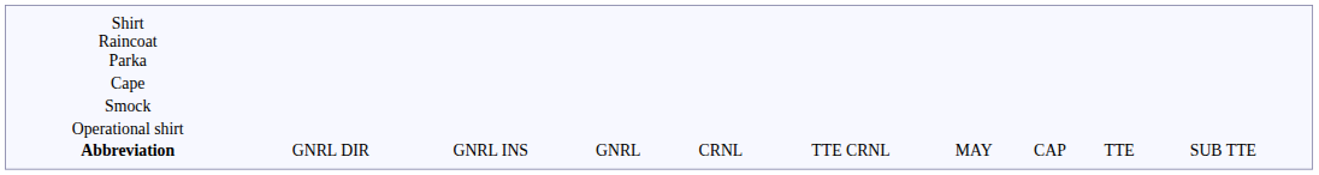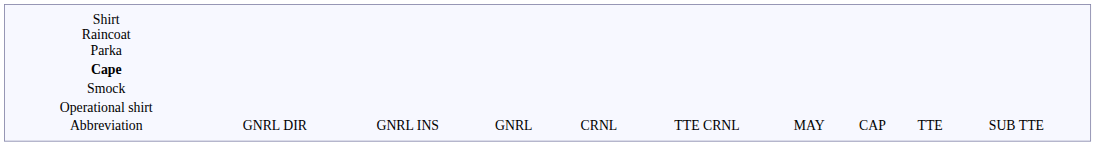 <table style="border:1px solid #8888aa; background-color:#f7f8ff; padding:5px; font-size:100%; margin: 0px 12px 12px 0px;width:100%">
 <tr align=center>
 <td>Shirt<br>Raincoat<br>Parka</td>
 <td colspan=2 rowspan=5></td>
 <td colspan=2></td>
 <td colspan=2></td>
 <td colspan=2></td>
 <td colspan=2 rowspan=5></td>
 <td colspan=2></td>
 <td colspan=2></td>
 <td colspan=2></td>
 <td colspan=2></td>
 <td colspan=2></td>
 <td colspan=2></td>
 <td colspan=2 rowspan=5></td>
 <td colspan=12></td>
 </tr>
 <tr align=center>
-<td>Cape</td>
+<td><strong>Cape</strong></td>
 <td colspan=2></td>
 <td colspan=2></td>
 <td colspan=2></td>
 <td colspan=2></td>
 <td colspan=2></td>
 <td colspan=2></td>
 <td colspan=2></td>
 <td colspan=2></td>
 <td colspan=2></td>
 <td colspan=12></td>
 </tr>
 <tr align=center>
 <td>Smock</td>
 <td colspan=2></td>
 <td colspan=2></td>
 <td colspan=2></td>
 <td colspan=2></td>
 <td colspan=2></td>
 <td colspan=2></td>
 <td colspan=2></td>
 <td colspan=2></td>
 <td colspan=2></td>
 <td colspan=12></td>
 </tr>
 <tr align=center>
 <td>Operational shirt</td>
 <td colspan=2></td>
 <td colspan=2></td>
 <td colspan=2></td>
 <td colspan=2></td>
 <td colspan=2></td>
 <td colspan=2></td>
 <td colspan=2></td>
 <td colspan=2></td>
 <td colspan=2></td>
 <td colspan=12></td>
 </tr>
 <tr align="center">
-<td><strong>Abbreviation</strong></td>
+<td>Abbreviation</td>
 <td colspan=2>GNRL DIR</td>
 <td colspan=2>GNRL INS</td>
 <td colspan=2>GNRL</td>
 <td colspan=2>CRNL</td>
 <td colspan=2>TTE CRNL</td>
 <td colspan=2>MAY</td>
 <td colspan=2>CAP</td>
 <td colspan=2>TTE</td>
 <td colspan=2>SUB TTE</td>
 <td colspan=12></td>
 </tr>
 </table>
